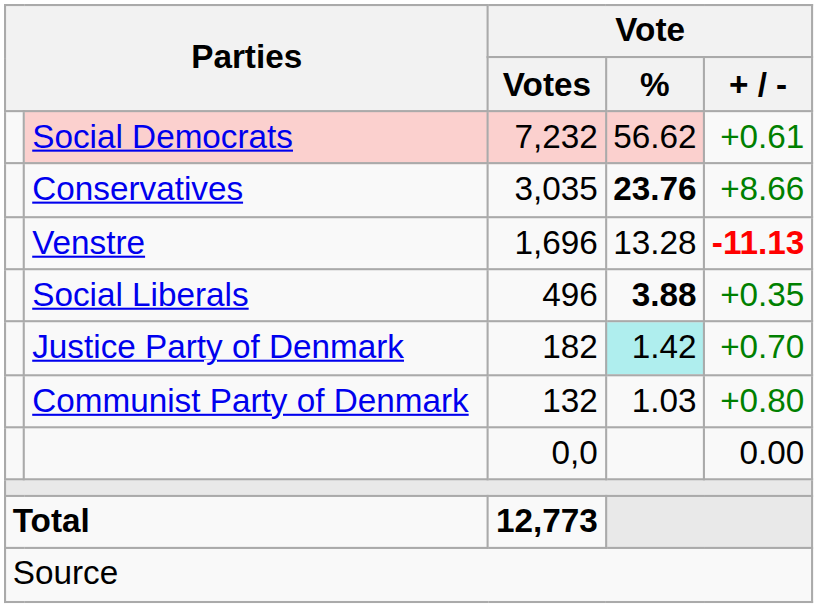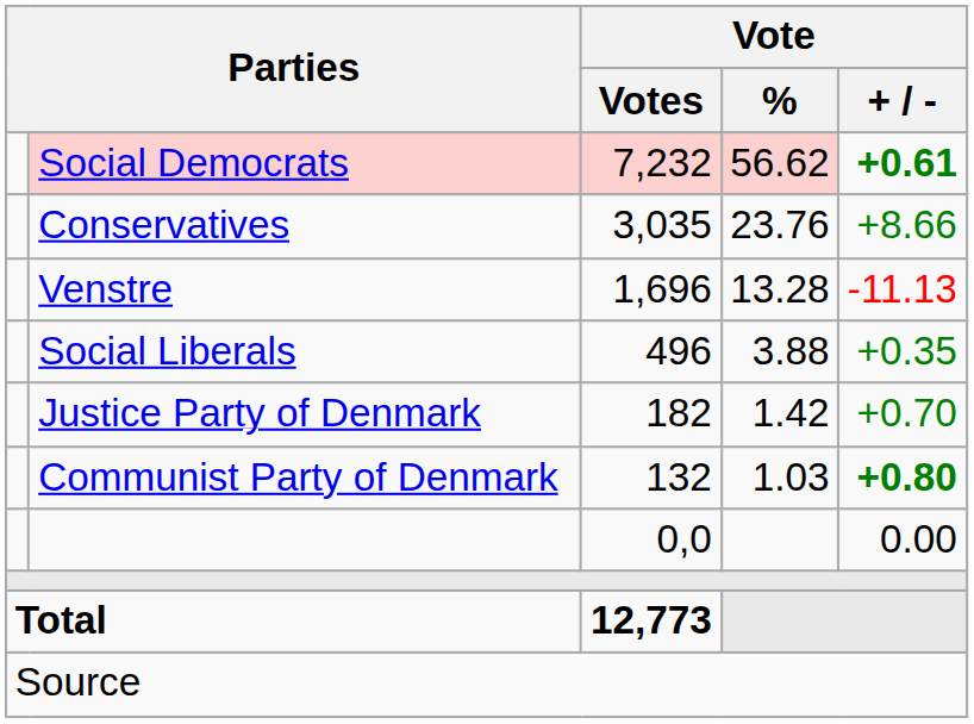 <table class="wikitable" style="text-align:right;">
 <tr>
 <th style="text-align:centre;" rowspan="2" colspan="2" width="225">Parties</th>
 <th colspan="3">Vote</th>
 </tr>
 <tr>
 <th width="15">Votes</th>
 <th width="15">%</th>
 <th width="15">+ / -</th>
 </tr>
 <tr>
 <td width="2" style="color:inherit;background:"></td>
 <td bgcolor=#fbd0ce  align="left"><a href='#'>Social Democrats</a></td>
 <td bgcolor=#fbd0ce>7,232</td>
 <td bgcolor=#fbd0ce>56.62</td>
-<td style=color:green;>+0.61</td>
+<td style=color:green;><strong>+0.61</strong></td>
 </tr>
 <tr>
 <td width="2" style="color:inherit;background:"></td>
 <td align="left"><a href='#'>Conservatives</a></td>
 <td>3,035</td>
-<td><strong>23.76</strong></td>
+<td>23.76</td>
 <td style=color:green;>+8.66</td>
 </tr>
 <tr>
 <td width="2" style="color:inherit;background:"></td>
 <td align="left"><a href='#'>Venstre</a></td>
 <td>1,696</td>
 <td>13.28</td>
-<td style=color:red;><strong>-11.13</strong></td>
+<td style=color:red;>-11.13</td>
 </tr>
 <tr>
 <td width="2" style="color:inherit;background:"></td>
 <td align="left"><a href='#'>Social Liberals</a></td>
 <td>496</td>
-<td><strong>3.88</strong></td>
+<td>3.88</td>
 <td style=color:green;>+0.35</td>
 </tr>
 <tr>
 <td width="2" style="color:inherit;background:"></td>
 <td align="left"><a href='#'>Justice Party of Denmark</a></td>
 <td>182</td>
-<td style="background: paleturquoise;">1.42</td>
+<td>1.42</td>
 <td style=color:green;>+0.70</td>
 </tr>
 <tr>
 <td width="2" style="color:inherit;background:"></td>
 <td align="left"><a href='#'>Communist Party of Denmark</a></td>
 <td>132</td>
 <td>1.03</td>
-<td style=color:green;>+0.80</td>
+<td style=color:green;><strong>+0.80</strong></td>
 </tr>
 <tr>
 <td width="2" style="color:inherit;background:"></td>
 <td align="left"></td>
 <td>0,0</td>
 <td></td>
 <td>0.00</td>
 </tr>
 <tr>
 <td colspan="7" bgcolor="#E9E9E9"></td>
 </tr>
 <tr>
 <td align="left" colspan="2"><strong>Total</strong></td>
 <td><strong>12,773</strong></td>
 <td bgcolor="#E9E9E9" colspan="2"></td>
 </tr>
 <tr>
 <td align="left" colspan="6">Source</td>
 </tr>
 </table>
